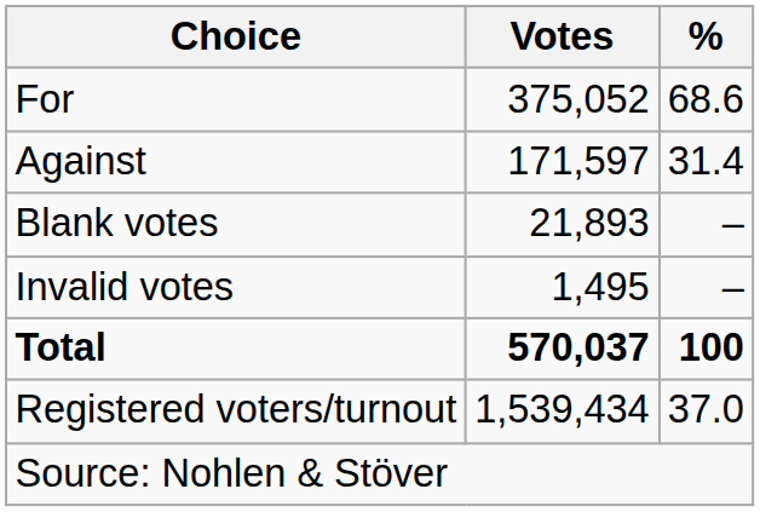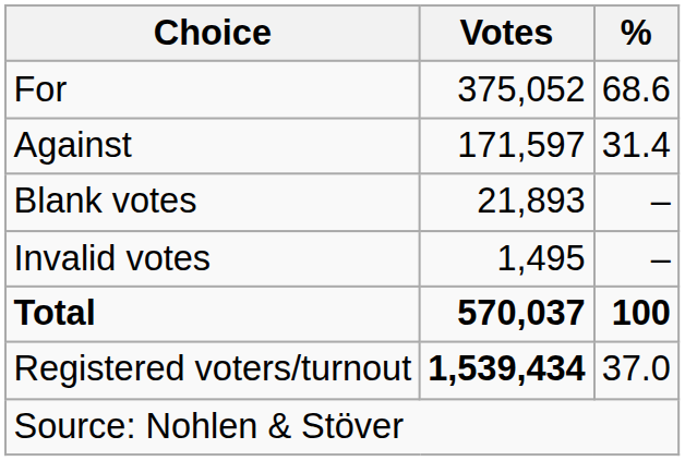 <table class=wikitable style=text-align:right>
 <tr>
 <th>Choice</th>
 <th>Votes</th>
 <th>%</th>
 </tr>
 <tr>
 <td align=left>For</td>
 <td>375,052</td>
 <td>68.6</td>
 </tr>
 <tr>
 <td align=left>Against</td>
 <td>171,597</td>
 <td>31.4</td>
 </tr>
 <tr>
 <td align=left>Blank votes</td>
 <td>21,893</td>
 <td>–</td>
 </tr>
 <tr>
 <td align=left>Invalid votes</td>
 <td>1,495</td>
 <td>–</td>
 </tr>
 <tr>
 <td align=left><strong>Total</strong></td>
 <td><strong>570,037</strong></td>
 <td><strong>100</strong></td>
 </tr>
 <tr>
 <td align=left>Registered voters/turnout</td>
-<td>1,539,434</td>
+<td><strong>1,539,434</strong></td>
 <td>37.0</td>
 </tr>
 <tr>
 <td align=left colspan=3>Source: Nohlen & Stöver</td>
 </tr>
 </table>
